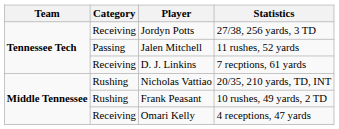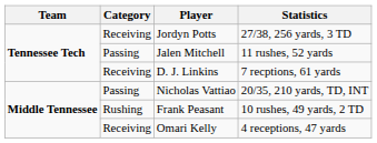 <table class="wikitable" style="float: left;">
 <tr>
 <th>Team</th>
 <th>Category</th>
 <th>Player</th>
 <th>Statistics</th>
 </tr>
 <tr>
 <td rowspan=3><strong>Tennessee Tech</strong></td>
 <td>Receiving</td>
 <td>Jordyn Potts</td>
 <td>27/38, 256 yards, 3 TD</td>
 </tr>
 <tr>
 <td>Passing</td>
 <td>Jalen Mitchell</td>
 <td>11 rushes, 52 yards</td>
 </tr>
 <tr>
 <td>Receiving</td>
 <td>D. J. Linkins</td>
 <td>7 recptions, 61 yards</td>
 </tr>
 <tr>
 <td rowspan=3><strong>Middle Tennessee</strong></td>
-<td>Rushing</td>
+<td>Passing</td>
 <td>Nicholas Vattiao</td>
 <td>20/35, 210 yards, TD, INT</td>
 </tr>
 <tr>
 <td>Rushing</td>
 <td>Frank Peasant</td>
 <td>10 rushes, 49 yards, 2 TD</td>
 </tr>
 <tr>
 <td>Receiving</td>
 <td>Omari Kelly</td>
 <td>4 receptions, 47 yards</td>
 </tr>
 </table>
